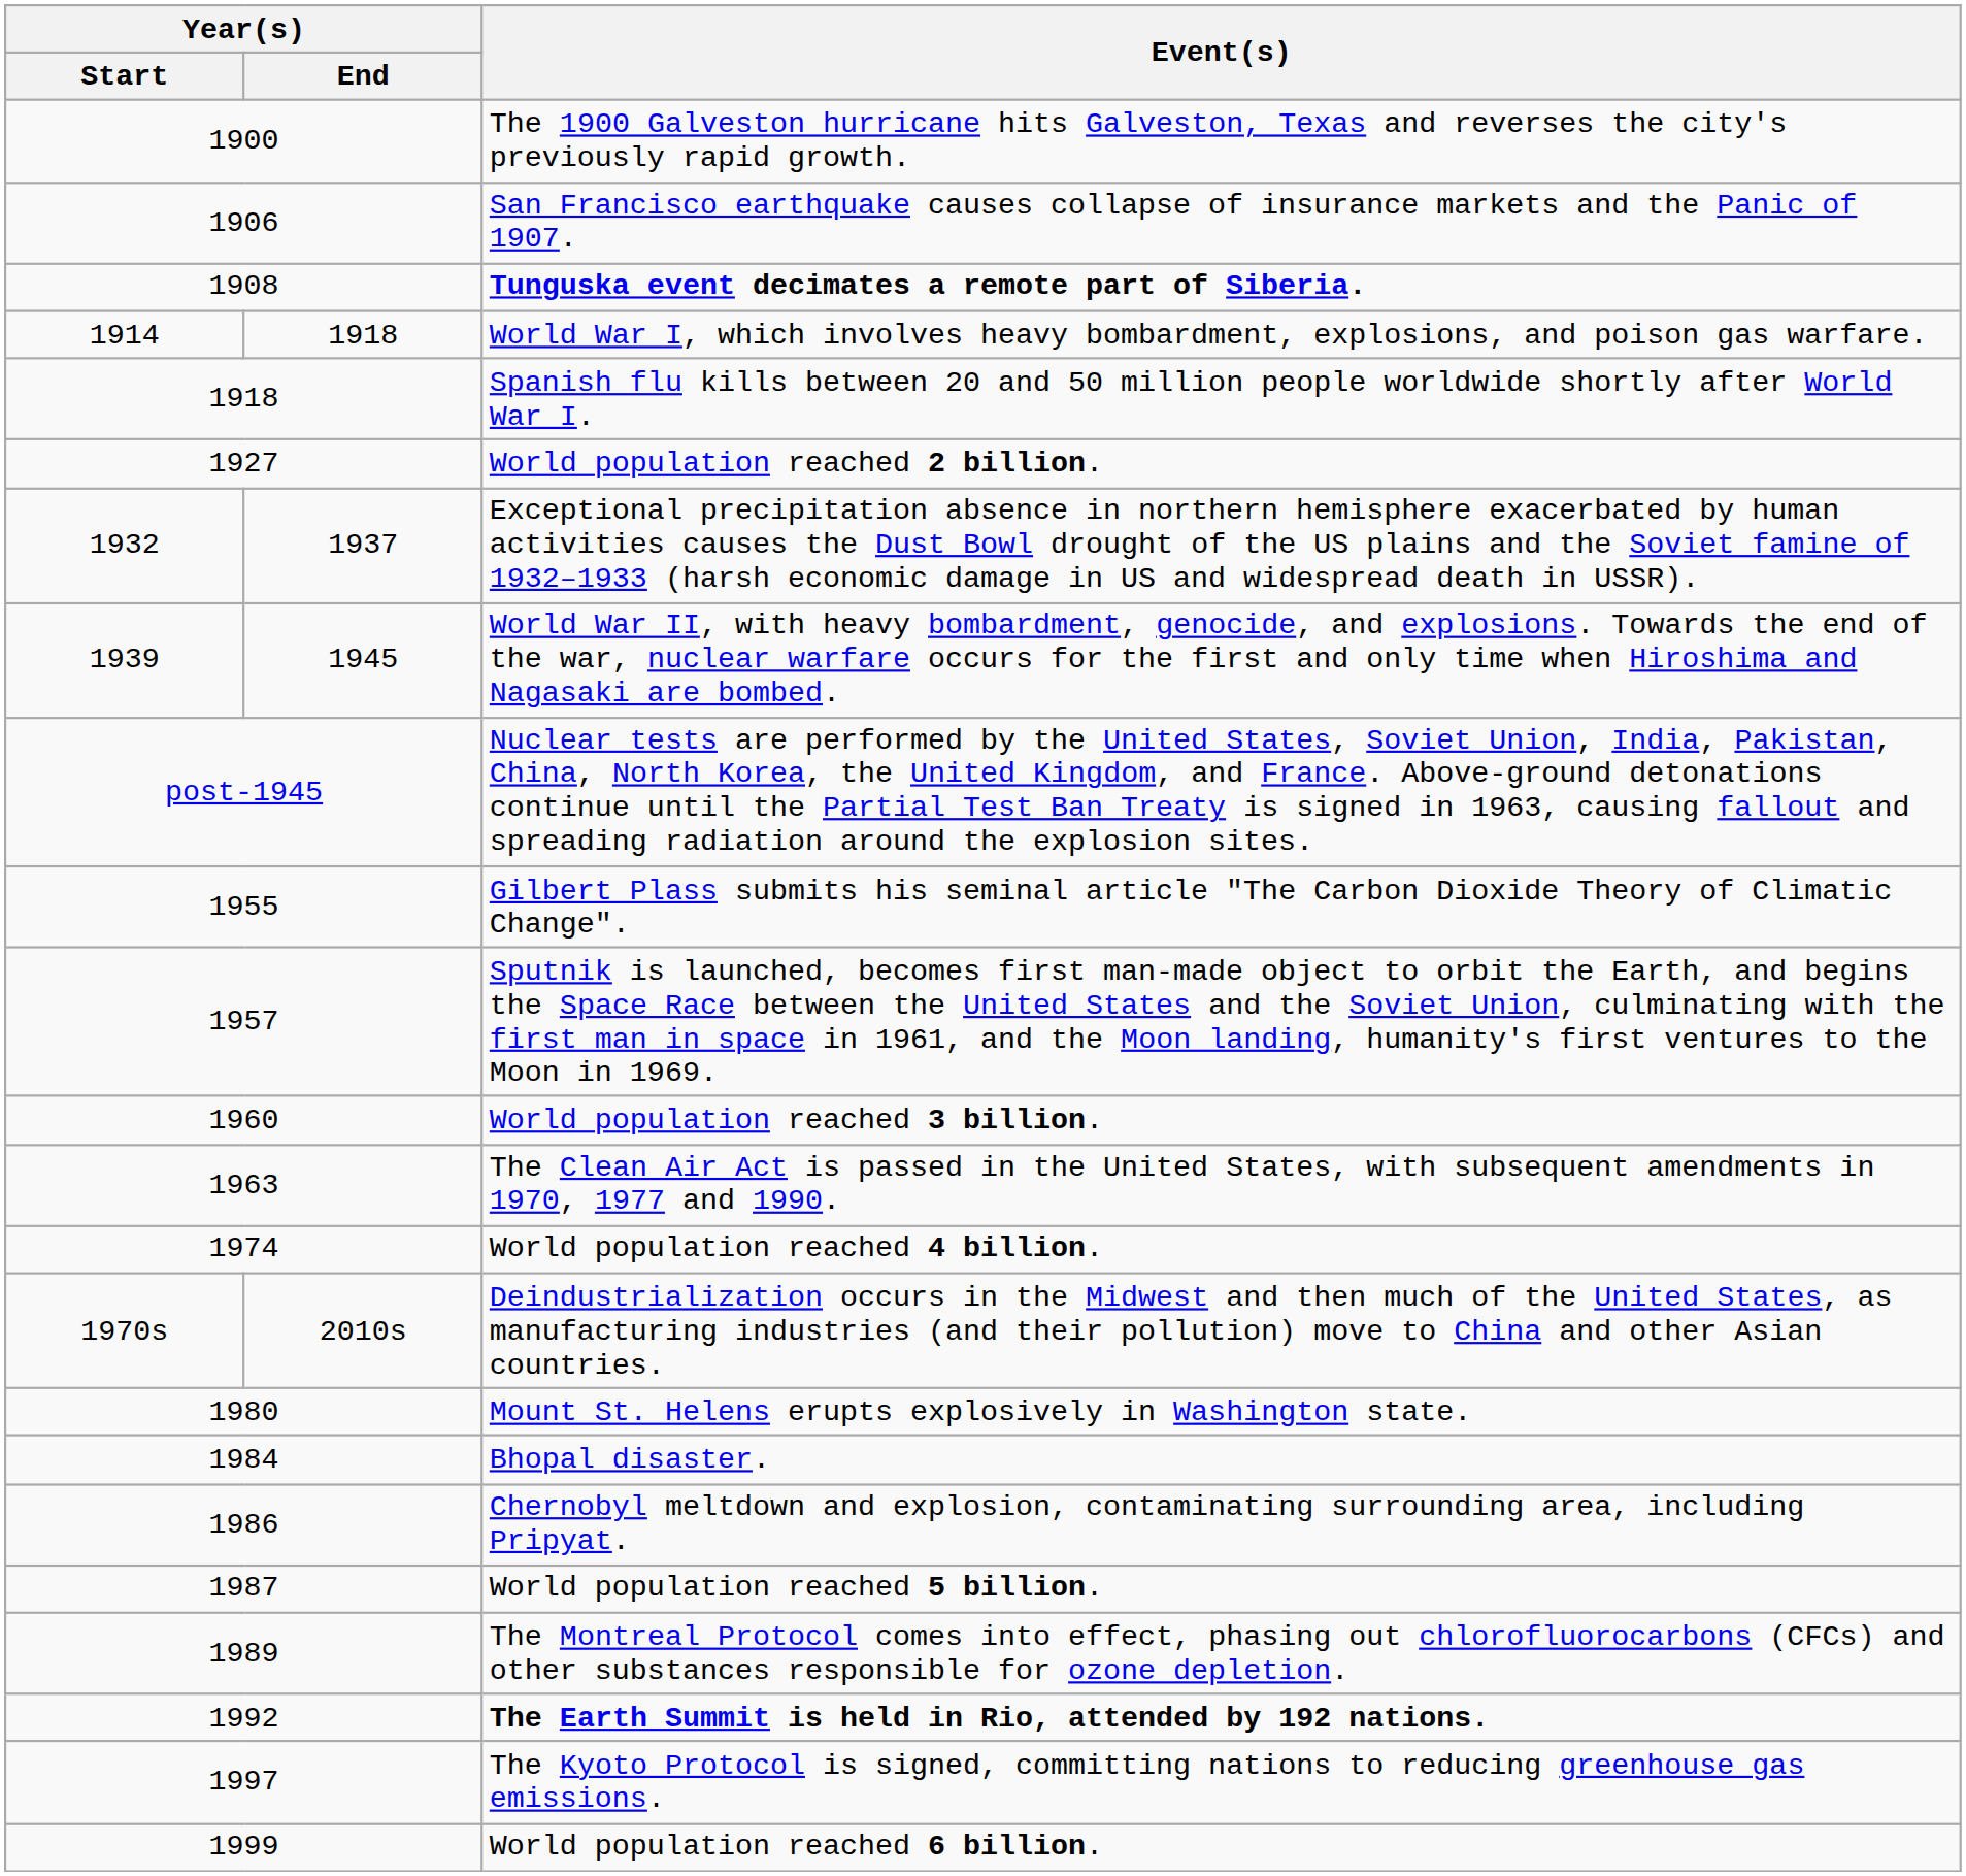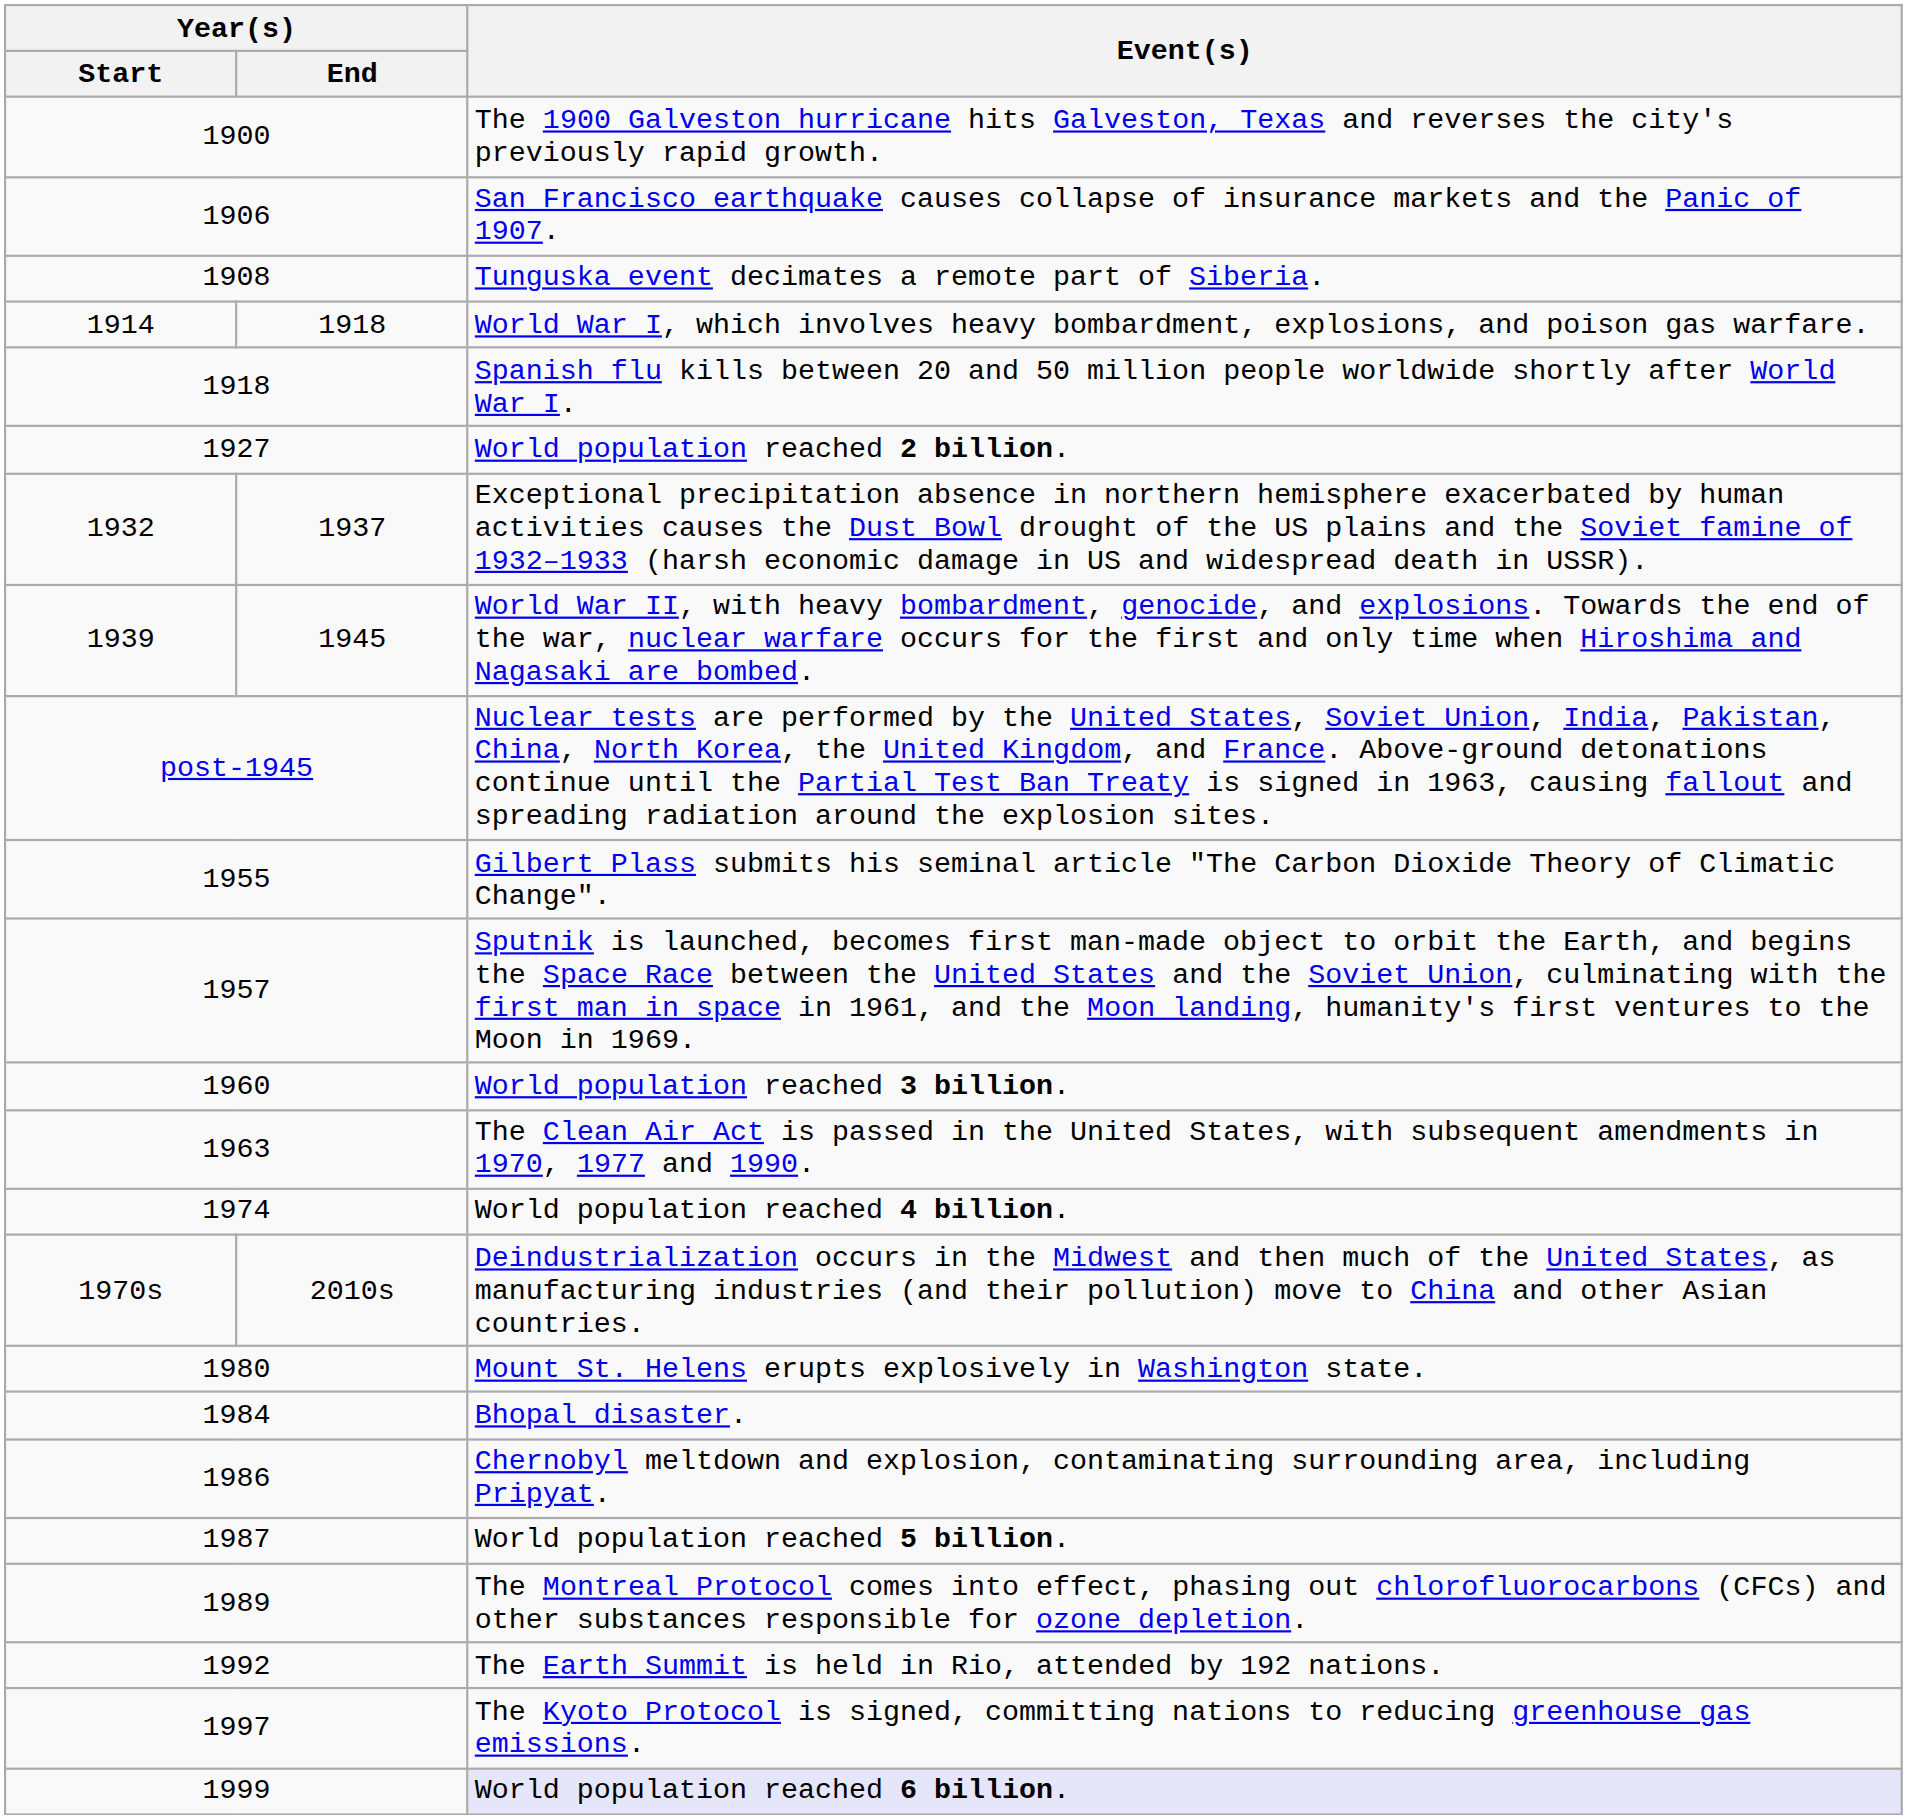 <table class="wikitable">
 <tr>
 <th colspan="2">Year(s)</th>
 <th rowspan="2">Event(s)</th>
 </tr>
 <tr>
 <th style="width:100px;">Start</th>
 <th style="width:100px;">End</th>
 </tr>
 <tr>
 <td colspan="2" style="text-align:center;">1900</td>
 <td>The <a href='#'>1900 Galveston hurricane</a> hits <a href='#'>Galveston, Texas</a> and reverses the city's previously rapid growth.</td>
 </tr>
 <tr>
 <td colspan="2" style="text-align:center;">1906</td>
 <td><a href='#'>San Francisco earthquake</a> causes collapse of insurance markets and the <a href='#'>Panic of 1907</a>.</td>
 </tr>
 <tr>
 <td colspan="2" style="text-align:center;">1908</td>
-<td><strong><a href='#'>Tunguska event</a> decimates a remote part of <a href='#'>Siberia</a>.</strong></td>
+<td><a href='#'>Tunguska event</a> decimates a remote part of <a href='#'>Siberia</a>.</td>
 </tr>
 <tr>
 <td style="text-align:center;">1914</td>
 <td style="text-align:center;">1918</td>
 <td><a href='#'>World War I</a>, which involves heavy bombardment, explosions, and poison gas warfare.</td>
 </tr>
 <tr>
 <td colspan="2" style="text-align:center;">1918</td>
 <td><a href='#'>Spanish flu</a> kills between 20 and 50 million people worldwide shortly after <a href='#'>World War I</a>.</td>
 </tr>
 <tr>
 <td colspan="2" style="text-align:center;">1927</td>
 <td><a href='#'>World population</a> reached <strong>2 billion</strong>.</td>
 </tr>
 <tr>
 <td style="text-align:center;">1932</td>
 <td style="text-align:center;">1937</td>
 <td>Exceptional precipitation absence in northern hemisphere exacerbated by human activities  causes the <a href='#'>Dust Bowl</a> drought of the US plains and the <a href='#'>Soviet famine of 1932–1933</a> (harsh economic damage in US and widespread death in USSR).</td>
 </tr>
 <tr>
 <td style="text-align:center;">1939</td>
 <td style="text-align:center;">1945</td>
 <td><a href='#'>World War II</a>, with heavy <a href='#'>bombardment</a>, <a href='#'>genocide</a>, and <a href='#'>explosions</a>. Towards the end of the war, <a href='#'>nuclear warfare</a> occurs for the first and only time when <a href='#'>Hiroshima and Nagasaki are bombed</a>.</td>
 </tr>
 <tr>
 <td colspan="2" style="text-align:center;"><a href='#'>post-1945</a></td>
 <td><a href='#'>Nuclear tests</a> are performed by the <a href='#'>United States</a>, <a href='#'>Soviet Union</a>, <a href='#'>India</a>, <a href='#'>Pakistan</a>, <a href='#'>China</a>, <a href='#'>North Korea</a>, the <a href='#'>United Kingdom</a>, and <a href='#'>France</a>. Above-ground detonations continue until the <a href='#'>Partial Test Ban Treaty</a> is signed in 1963, causing <a href='#'>fallout</a> and spreading radiation around the explosion sites.</td>
 </tr>
 <tr>
 <td colspan="2" style="text-align:center;">1955</td>
 <td><a href='#'>Gilbert Plass</a> submits his seminal article "The Carbon Dioxide Theory of Climatic Change".</td>
 </tr>
 <tr>
 <td colspan="2" style="text-align:center;">1957</td>
 <td><a href='#'>Sputnik</a> is launched, becomes first man-made object to orbit the Earth, and begins the <a href='#'>Space Race</a> between the <a href='#'>United States</a> and the <a href='#'>Soviet Union</a>, culminating with the <a href='#'>first man in space</a> in 1961, and the <a href='#'>Moon landing</a>, humanity's first ventures to the Moon in 1969.</td>
 </tr>
 <tr>
 <td colspan="2" style="text-align:center;">1960</td>
 <td><a href='#'>World population</a> reached <strong>3 billion</strong>.</td>
 </tr>
 <tr>
 <td colspan="2" style="text-align:center;">1963</td>
 <td>The <a href='#'>Clean Air Act</a> is passed in the United States, with subsequent amendments in <a href='#'>1970</a>, <a href='#'>1977</a> and <a href='#'>1990</a>.</td>
 </tr>
 <tr>
 <td colspan="2" style="text-align:center;">1974</td>
 <td>World population reached <strong>4 billion</strong>.</td>
 </tr>
 <tr>
 <td style="text-align:center;">1970s</td>
 <td style="text-align:center;">2010s</td>
 <td><a href='#'>Deindustrialization</a> occurs in the <a href='#'>Midwest</a> and then much of the <a href='#'>United States</a>, as manufacturing industries (and their pollution) move to <a href='#'>China</a> and other Asian countries.</td>
 </tr>
 <tr>
 <td colspan="2" style="text-align:center;">1980</td>
 <td><a href='#'>Mount St. Helens</a> erupts explosively in <a href='#'>Washington</a> state.</td>
 </tr>
 <tr>
 <td colspan="2" style="text-align:center;">1984</td>
 <td><a href='#'>Bhopal disaster</a>.</td>
 </tr>
 <tr>
 <td colspan="2" style="text-align:center;">1986</td>
 <td><a href='#'>Chernobyl</a> meltdown and explosion, contaminating surrounding area, including <a href='#'>Pripyat</a>.</td>
 </tr>
 <tr>
 <td colspan="2" style="text-align:center;">1987</td>
 <td>World population reached <strong>5 billion</strong>.</td>
 </tr>
 <tr>
 <td colspan="2" style="text-align:center;">1989</td>
 <td>The <a href='#'>Montreal Protocol</a> comes into effect, phasing out <a href='#'>chlorofluorocarbons</a> (CFCs) and other substances responsible for <a href='#'>ozone depletion</a>.</td>
 </tr>
 <tr>
 <td colspan="2" style="text-align:center;">1992</td>
-<td><strong>The <a href='#'>Earth Summit</a> is held in Rio, attended by 192 nations.</strong></td>
+<td>The <a href='#'>Earth Summit</a> is held in Rio, attended by 192 nations.</td>
 </tr>
 <tr>
 <td colspan="2" style="text-align:center;">1997</td>
 <td>The <a href='#'>Kyoto Protocol</a> is signed, committing nations to reducing <a href='#'>greenhouse gas emissions</a>.</td>
 </tr>
 <tr>
 <td colspan="2" style="text-align:center;">1999</td>
-<td>World population reached <strong>6 billion</strong>.</td>
+<td style="background: lavender;">World population reached <strong>6 billion</strong>.</td>
 </tr>
 </table>
